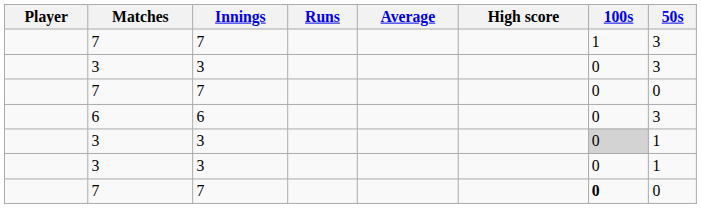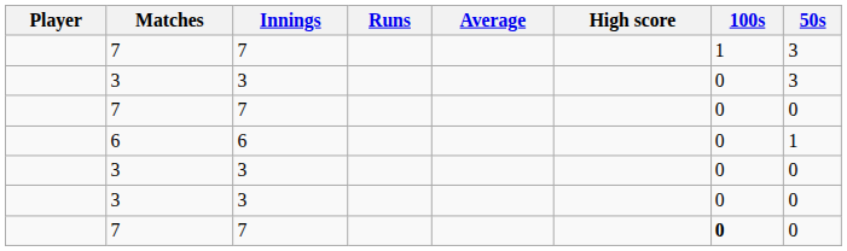 <table class="wikitable sortable" style="width:80%;">
 <tr>
 <th>Player</th>
 <th>Matches</th>
 <th><a href='#'>Innings</a></th>
 <th><a href='#'>Runs</a></th>
 <th><a href='#'>Average</a></th>
 <th>High score</th>
 <th><a href='#'>100s</a></th>
 <th><a href='#'>50s</a></th>
 </tr>
 <tr>
 <td></td>
 <td>7</td>
 <td>7</td>
 <td></td>
 <td></td>
 <td></td>
 <td>1</td>
 <td>3</td>
 </tr>
 <tr>
 <td></td>
 <td>3</td>
 <td>3</td>
 <td></td>
 <td></td>
 <td></td>
 <td>0</td>
 <td>3</td>
 </tr>
 <tr>
 <td></td>
 <td>7</td>
 <td>7</td>
 <td></td>
 <td></td>
 <td></td>
 <td>0</td>
 <td>0</td>
 </tr>
 <tr>
 <td></td>
 <td>6</td>
 <td>6</td>
 <td></td>
 <td></td>
 <td></td>
 <td>0</td>
-<td>3</td>
-</tr>
-<tr>
-<td></td>
-<td>3</td>
-<td>3</td>
-<td></td>
-<td></td>
-<td></td>
-<td style="background: lightgrey;">0</td>
 <td>1</td>
 </tr>
 <tr>
 <td></td>
 <td>3</td>
 <td>3</td>
 <td></td>
 <td></td>
 <td></td>
 <td>0</td>
-<td>1</td>
+<td>0</td>
+</tr>
+<tr>
+<td></td>
+<td>3</td>
+<td>3</td>
+<td></td>
+<td></td>
+<td></td>
+<td>0</td>
+<td>0</td>
 </tr>
 <tr>
 <td></td>
 <td>7</td>
 <td>7</td>
 <td></td>
 <td></td>
 <td></td>
 <td><strong>0</strong></td>
 <td>0</td>
 </tr>
 </table>
